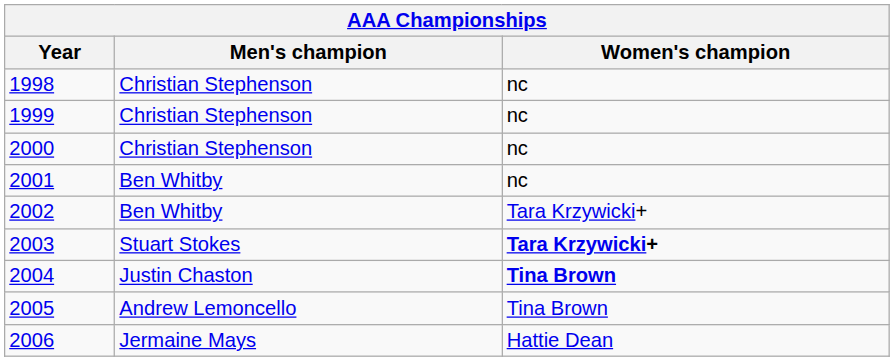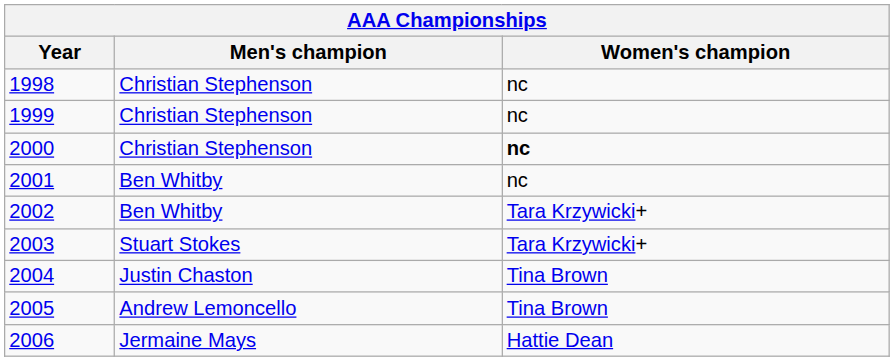 <table class="wikitable">
 <tr>
 <th colspan="3"><a href='#'>AAA Championships</a><br></th>
 </tr>
 <tr>
 <th width=80>Year</th>
 <th width=300>Men's champion</th>
 <th width=300>Women's champion</th>
 </tr>
 <tr>
 <td><a href='#'>1998</a></td>
 <td><a href='#'>Christian Stephenson</a></td>
 <td>nc</td>
 </tr>
 <tr>
 <td><a href='#'>1999</a></td>
 <td><a href='#'>Christian Stephenson</a></td>
 <td>nc</td>
 </tr>
 <tr>
 <td><a href='#'>2000</a></td>
 <td><a href='#'>Christian Stephenson</a></td>
-<td>nc</td>
+<td><strong>nc</strong></td>
 </tr>
 <tr>
 <td><a href='#'>2001</a></td>
 <td><a href='#'>Ben Whitby</a></td>
 <td>nc</td>
 </tr>
 <tr>
 <td><a href='#'>2002</a></td>
 <td><a href='#'>Ben Whitby</a></td>
 <td><a href='#'>Tara Krzywicki</a>+</td>
 </tr>
 <tr>
 <td><a href='#'>2003</a></td>
 <td><a href='#'>Stuart Stokes</a></td>
-<td><strong><a href='#'>Tara Krzywicki</a>+</strong></td>
+<td><a href='#'>Tara Krzywicki</a>+</td>
 </tr>
 <tr>
 <td><a href='#'>2004</a></td>
 <td><a href='#'>Justin Chaston</a></td>
-<td><strong><a href='#'>Tina Brown</a></strong></td>
+<td><a href='#'>Tina Brown</a></td>
 </tr>
 <tr>
 <td><a href='#'>2005</a></td>
 <td><a href='#'>Andrew Lemoncello</a></td>
 <td><a href='#'>Tina Brown</a></td>
 </tr>
 <tr>
 <td><a href='#'>2006</a></td>
 <td><a href='#'>Jermaine Mays</a></td>
 <td><a href='#'>Hattie Dean</a></td>
 </tr>
 </table>
